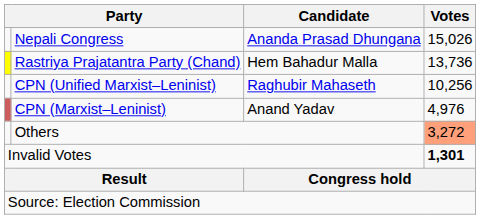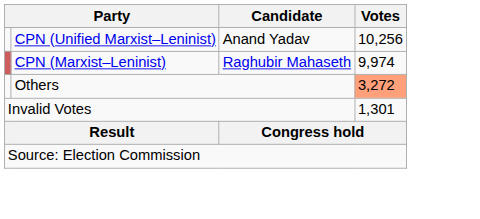 <table class="wikitable">
 <tr>
 <th colspan="2">Party</th>
 <th>Candidate</th>
 <th>Votes</th>
 </tr>
 <tr>
 <td style="background-color:"></td>
-<td><a href='#'>Nepali Congress</a></td>
-<td><a href='#'>Ananda Prasad Dhungana</a></td>
-<td>15,026</td>
-</tr>
-<tr>
-<td style="background-color:yellow"></td>
-<td><a href='#'>Rastriya Prajatantra Party (Chand)</a></td>
-<td>Hem Bahadur Malla</td>
-<td>13,736</td>
-</tr>
-<tr>
-<td style="background-color:"></td>
 <td><a href='#'>CPN (Unified Marxist–Leninist)</a></td>
-<td><a href='#'>Raghubir Mahaseth</a></td>
+<td>Anand Yadav</td>
 <td>10,256</td>
 </tr>
 <tr>
 <td style="background-color:indianred"></td>
 <td><a href='#'>CPN (Marxist–Leninist)</a></td>
-<td>Anand Yadav</td>
-<td>4,976</td>
+<td><a href='#'>Raghubir Mahaseth</a></td>
+<td>9,974</td>
 </tr>
 <tr>
 <td></td>
 <td colspan="2">Others</td>
 <td style="background: lightsalmon;">3,272</td>
 </tr>
 <tr>
 <td colspan="3">Invalid Votes</td>
-<td><strong>1,301</strong></td>
+<td>1,301</td>
 </tr>
 <tr>
 <th colspan="2">Result</th>
 <th colspan="2">Congress hold</th>
 </tr>
 <tr>
 <td colspan="4">Source: Election Commission</td>
 </tr>
 </table>
